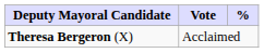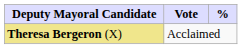 <table class="wikitable">
 <tr>
 <th style="background:#ddf; width:200px;">Deputy Mayoral Candidate</th>
 <th style="background:#ddf; width:50px;">Vote</th>
 <th style="background:#ddf; width:30px;">%</th>
 </tr>
 <tr>
-<td><strong>Theresa Bergeron</strong> (X)</td>
+<td style="background: khaki;"><strong>Theresa Bergeron</strong> (X)</td>
 <td colspan="2">Acclaimed</td>
 </tr>
 </table>
